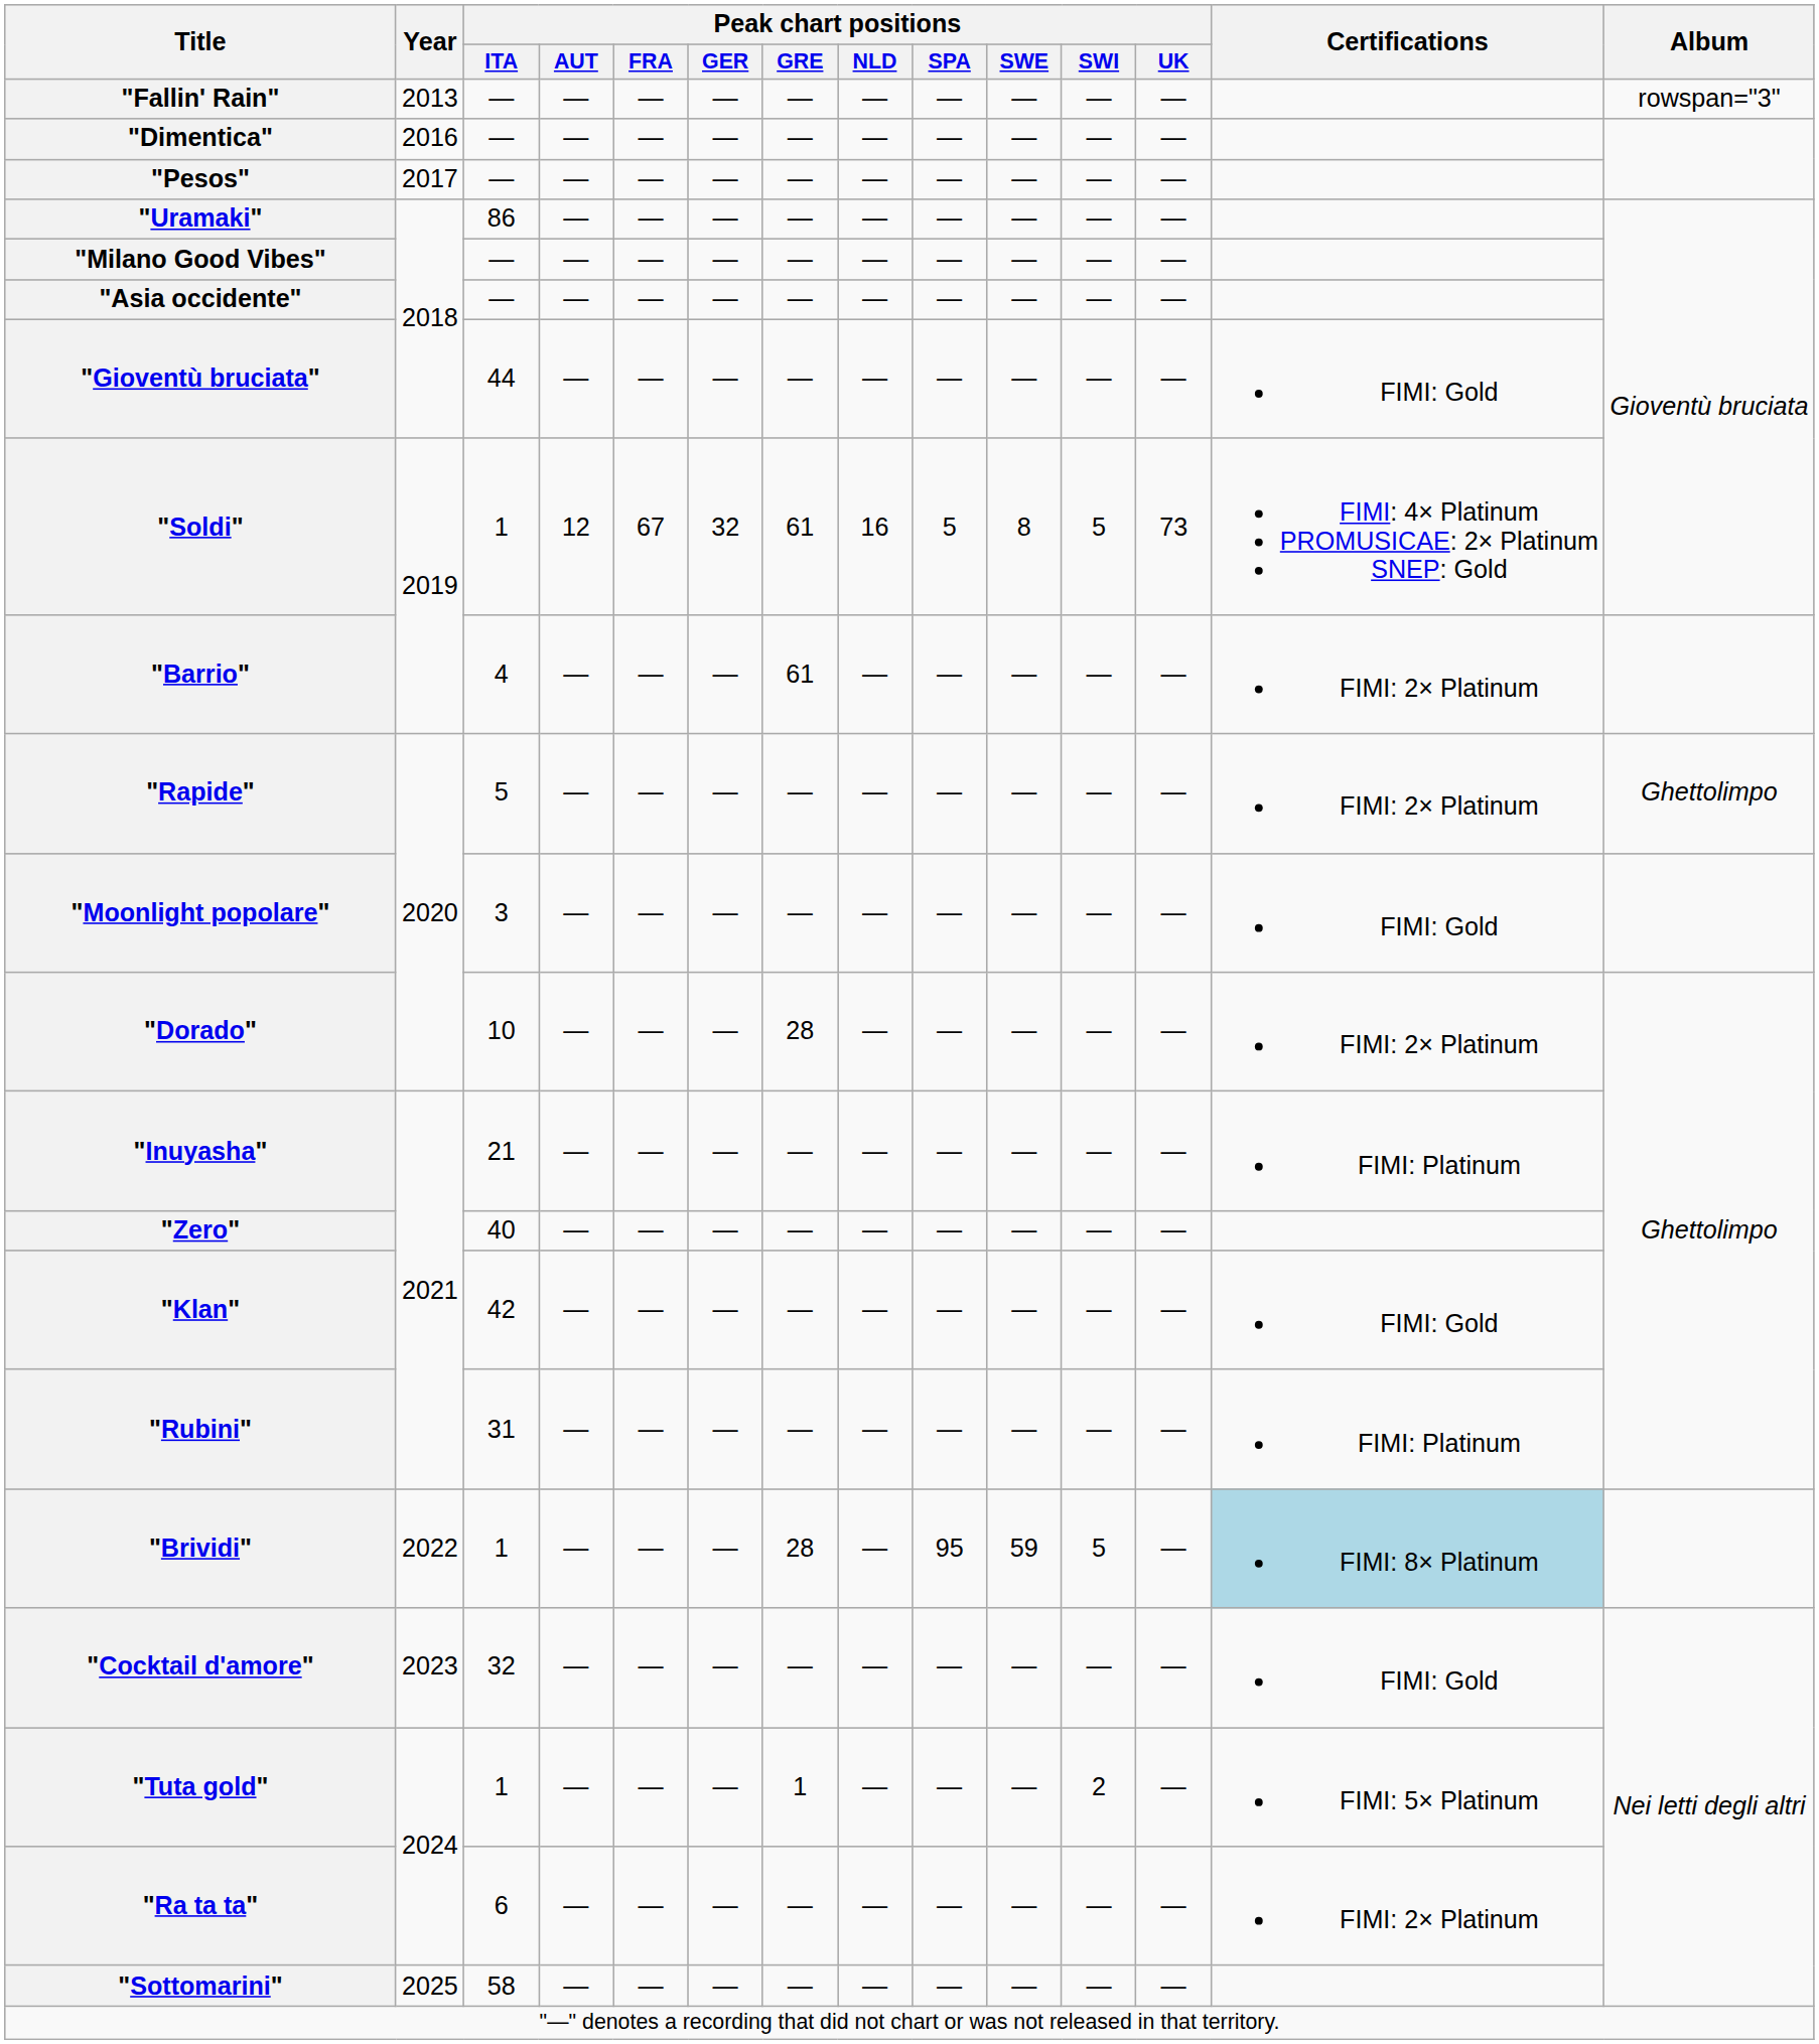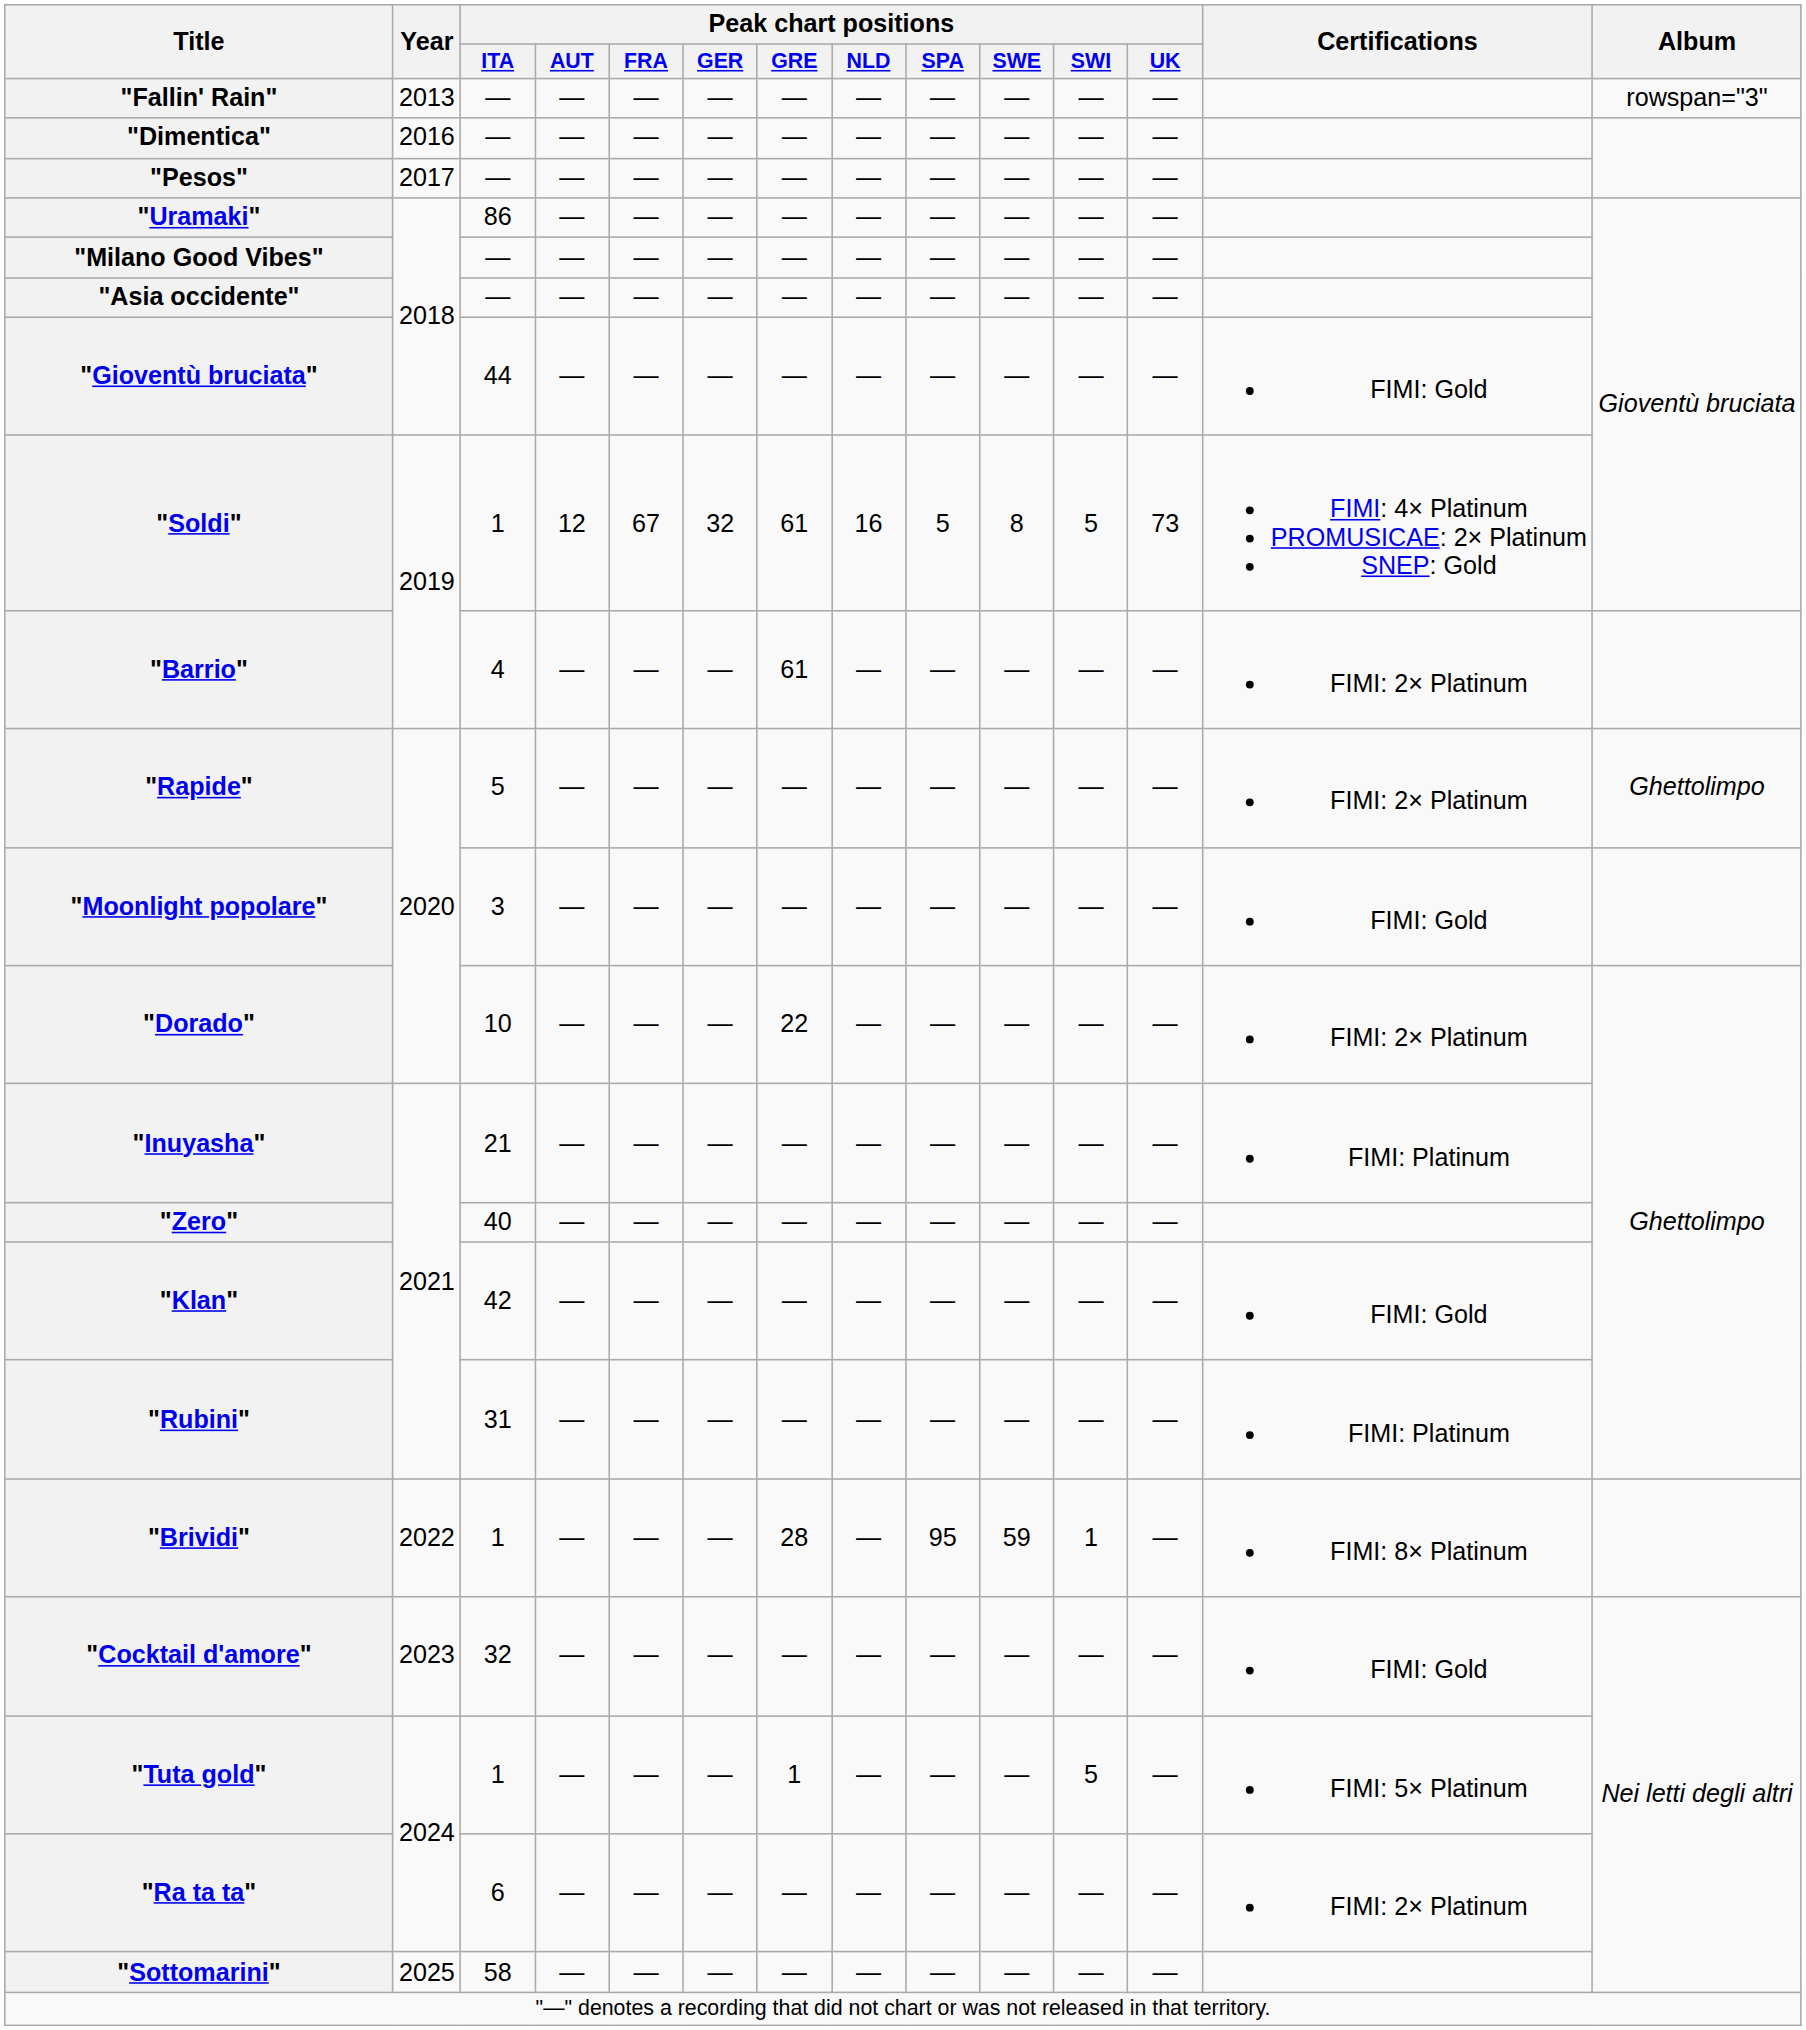 <table class="wikitable plainrowheaders" style="text-align:center;">
 <tr>
 <th scope="col" rowspan="2" style="width:15em;">Title</th>
 <th scope="col" rowspan="2" style="width:1em;">Year</th>
 <th scope="col" colspan="10">Peak chart positions</th>
 <th scope="col" rowspan="2">Certifications</th>
 <th scope="col" rowspan="2">Album</th>
 </tr>
 <tr>
 <th scope="col" style="width:3em;font-size:85%;"><a href='#'>ITA</a><br></th>
 <th scope="col" style="width:3em;font-size:85%;"><a href='#'>AUT</a><br></th>
 <th scope="col" style="width:3em;font-size:85%;"><a href='#'>FRA</a><br></th>
 <th scope="col" style="width:3em;font-size:85%;"><a href='#'>GER</a><br></th>
 <th scope="col" style="width:3em;font-size:85%;"><a href='#'>GRE</a><br></th>
 <th scope="col" style="width:3em;font-size:85%;"><a href='#'>NLD</a><br></th>
 <th scope="col" style="width:3em;font-size:85%;"><a href='#'>SPA</a><br></th>
 <th scope="col" style="width:3em;font-size:85%;"><a href='#'>SWE</a><br></th>
 <th scope="col" style="width:3em;font-size:85%;"><a href='#'>SWI</a><br></th>
 <th scope="col" style="width:3em;font-size:85%;"><a href='#'>UK</a><br></th>
 </tr>
 <tr>
 <th scope="row">"Fallin' Rain"</th>
 <td>2013</td>
 <td>—</td>
 <td>—</td>
 <td>—</td>
 <td>—</td>
 <td>—</td>
 <td>—</td>
 <td>—</td>
 <td>—</td>
 <td>—</td>
 <td>—</td>
 <td></td>
 <td>rowspan="3" </td>
 </tr>
 <tr>
 <th scope="row">"Dimentica"</th>
 <td>2016</td>
 <td>—</td>
 <td>—</td>
 <td>—</td>
 <td>—</td>
 <td>—</td>
 <td>—</td>
 <td>—</td>
 <td>—</td>
 <td>—</td>
 <td>—</td>
 <td></td>
 </tr>
 <tr>
 <th scope="row">"Pesos"</th>
 <td>2017</td>
 <td>—</td>
 <td>—</td>
 <td>—</td>
 <td>—</td>
 <td>—</td>
 <td>—</td>
 <td>—</td>
 <td>—</td>
 <td>—</td>
 <td>—</td>
 <td></td>
 </tr>
 <tr>
 <th scope="row">"<a href='#'>Uramaki</a>"</th>
 <td rowspan="4">2018</td>
 <td>86</td>
 <td>—</td>
 <td>—</td>
 <td>—</td>
 <td>—</td>
 <td>—</td>
 <td>—</td>
 <td>—</td>
 <td>—</td>
 <td>—</td>
 <td></td>
 <td rowspan="5"><em>Gioventù bruciata</em></td>
 </tr>
 <tr>
 <th scope="row">"Milano Good Vibes"</th>
 <td>—</td>
 <td>—</td>
 <td>—</td>
 <td>—</td>
 <td>—</td>
 <td>—</td>
 <td>—</td>
 <td>—</td>
 <td>—</td>
 <td>—</td>
 <td></td>
 </tr>
 <tr>
 <th scope="row">"Asia occidente"</th>
 <td>—</td>
 <td>—</td>
 <td>—</td>
 <td>—</td>
 <td>—</td>
 <td>—</td>
 <td>—</td>
 <td>—</td>
 <td>—</td>
 <td>—</td>
 <td></td>
 </tr>
 <tr>
 <th scope="row">"<a href='#'>Gioventù bruciata</a>"</th>
 <td>44</td>
 <td>—</td>
 <td>—</td>
 <td>—</td>
 <td>—</td>
 <td>—</td>
 <td>—</td>
 <td>—</td>
 <td>—</td>
 <td>—</td>
 <td><br><ul><li>FIMI: Gold</li></ul></td>
 </tr>
 <tr>
 <th scope="row">"<a href='#'>Soldi</a>"</th>
 <td rowspan="2">2019</td>
 <td>1</td>
 <td>12</td>
 <td>67</td>
 <td>32</td>
 <td>61</td>
 <td>16</td>
 <td>5</td>
 <td>8</td>
 <td>5</td>
 <td>73</td>
 <td><br><ul><li><a href='#'>FIMI</a>: 4× Platinum</li><li><a href='#'>PROMUSICAE</a>: 2× Platinum</li><li><a href='#'>SNEP</a>: Gold</li></ul></td>
 </tr>
 <tr>
 <th scope="row">"<a href='#'>Barrio</a>"</th>
 <td>4</td>
 <td>—</td>
 <td>—</td>
 <td>—</td>
 <td>61</td>
 <td>—</td>
 <td>—</td>
 <td>—</td>
 <td>—</td>
 <td>—</td>
 <td><br><ul><li>FIMI: 2× Platinum</li></ul></td>
 <td></td>
 </tr>
 <tr>
 <th scope="row">"<a href='#'>Rapide</a>"</th>
 <td rowspan="3">2020</td>
 <td>5</td>
 <td>—</td>
 <td>—</td>
 <td>—</td>
 <td>—</td>
 <td>—</td>
 <td>—</td>
 <td>—</td>
 <td>—</td>
 <td>—</td>
 <td><br><ul><li>FIMI: 2× Platinum</li></ul></td>
 <td><em>Ghettolimpo</em></td>
 </tr>
 <tr>
 <th scope="row">"<a href='#'>Moonlight popolare</a>"<br></th>
 <td>3</td>
 <td>—</td>
 <td>—</td>
 <td>—</td>
 <td>—</td>
 <td>—</td>
 <td>—</td>
 <td>—</td>
 <td>—</td>
 <td>—</td>
 <td><br><ul><li>FIMI: Gold</li></ul></td>
 <td></td>
 </tr>
 <tr>
 <th scope="row">"<a href='#'>Dorado</a>"<br></th>
 <td>10</td>
 <td>—</td>
 <td>—</td>
 <td>—</td>
-<td>28</td>
+<td>22</td>
 <td>—</td>
 <td>—</td>
 <td>—</td>
 <td>—</td>
 <td>—</td>
 <td><br><ul><li>FIMI: 2× Platinum</li></ul></td>
 <td rowspan="5"><em>Ghettolimpo</em></td>
 </tr>
 <tr>
 <th scope="row">"<a href='#'>Inuyasha</a>"</th>
 <td rowspan="4">2021</td>
 <td>21</td>
 <td>—</td>
 <td>—</td>
 <td>—</td>
 <td>—</td>
 <td>—</td>
 <td>—</td>
 <td>—</td>
 <td>—</td>
 <td>—</td>
 <td><br><ul><li>FIMI: Platinum</li></ul></td>
 </tr>
 <tr>
 <th scope="row">"<a href='#'>Zero</a>"</th>
 <td>40</td>
 <td>—</td>
 <td>—</td>
 <td>—</td>
 <td>—</td>
 <td>—</td>
 <td>—</td>
 <td>—</td>
 <td>—</td>
 <td>—</td>
 <td></td>
 </tr>
 <tr>
 <th scope="row">"<a href='#'>Klan</a>"<br></th>
 <td>42</td>
 <td>—</td>
 <td>—</td>
 <td>—</td>
 <td>—</td>
 <td>—</td>
 <td>—</td>
 <td>—</td>
 <td>—</td>
 <td>—</td>
 <td><br><ul><li>FIMI: Gold</li></ul></td>
 </tr>
 <tr>
 <th scope="row">"<a href='#'>Rubini</a>"<br></th>
 <td>31</td>
 <td>—</td>
 <td>—</td>
 <td>—</td>
 <td>—</td>
 <td>—</td>
 <td>—</td>
 <td>—</td>
 <td>—</td>
 <td>—</td>
 <td><br><ul><li>FIMI: Platinum</li></ul></td>
 </tr>
 <tr>
 <th scope="row">"<a href='#'>Brividi</a>"<br></th>
 <td>2022</td>
 <td>1</td>
 <td>—</td>
 <td>—</td>
 <td>—</td>
 <td>28</td>
 <td>—</td>
 <td>95</td>
 <td>59</td>
-<td>5</td>
+<td>1</td>
 <td>—</td>
-<td style="background: lightblue;"><br><ul><li>FIMI: 8× Platinum</li></ul></td>
+<td><br><ul><li>FIMI: 8× Platinum</li></ul></td>
 <td></td>
 </tr>
 <tr>
 <th scope="row">"<a href='#'>Cocktail d'amore</a>"</th>
 <td>2023</td>
 <td>32</td>
 <td>—</td>
 <td>—</td>
 <td>—</td>
 <td>—</td>
 <td>—</td>
 <td>—</td>
 <td>—</td>
 <td>—</td>
 <td>—</td>
 <td><br><ul><li>FIMI: Gold</li></ul></td>
 <td rowspan="4"><em>Nei letti degli altri</em></td>
 </tr>
 <tr>
 <th scope="row">"<a href='#'>Tuta gold</a>"</th>
 <td rowspan="2">2024</td>
 <td>1</td>
 <td>—</td>
 <td>—</td>
 <td>—</td>
 <td>1</td>
 <td>—</td>
 <td>—</td>
 <td>—</td>
-<td>2</td>
+<td>5</td>
 <td>—</td>
 <td><br><ul><li>FIMI: 5× Platinum</li></ul></td>
 </tr>
 <tr>
 <th scope="row">"<a href='#'>Ra ta ta</a>"</th>
 <td>6</td>
 <td>—</td>
 <td>—</td>
 <td>—</td>
 <td>—</td>
 <td>—</td>
 <td>—</td>
 <td>—</td>
 <td>—</td>
 <td>—</td>
 <td><br><ul><li>FIMI: 2× Platinum</li></ul></td>
 </tr>
 <tr>
 <th scope="row">"<a href='#'>Sottomarini</a>"</th>
 <td>2025</td>
 <td>58<br></td>
 <td>—</td>
 <td>—</td>
 <td>—</td>
 <td>—</td>
 <td>—</td>
 <td>—</td>
 <td>—</td>
 <td>—</td>
 <td>—</td>
 <td></td>
 </tr>
 <tr>
 <td style="font-size:85%;" colspan="15">"—" denotes a recording that did not chart or was not released in that territory.</td>
 </tr>
 </table>
